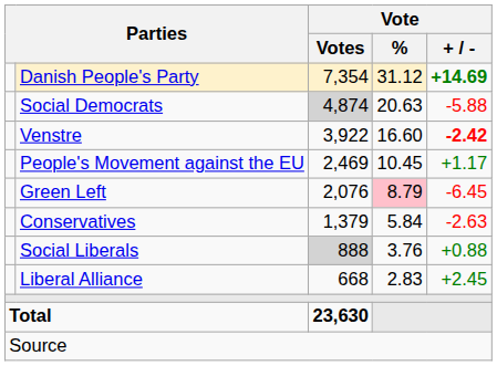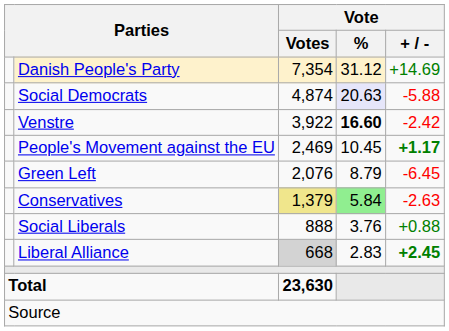 <table class="wikitable" style="text-align:right;">
 <tr>
 <th style="text-align:centre;" rowspan="2" colspan="2" width="225">Parties</th>
 <th colspan="3">Vote</th>
 </tr>
 <tr>
 <th width="15">Votes</th>
 <th width="15">%</th>
 <th width="15">+ / -</th>
 </tr>
 <tr>
 <td width="2" style="color:inherit;background:"></td>
 <td bgcolor=#fef2cc   align="left"><a href='#'>Danish People's Party</a></td>
 <td bgcolor=#fef2cc>7,354</td>
 <td bgcolor=#fef2cc>31.12</td>
-<td style=color:green;><strong>+14.69</strong></td>
+<td style=color:green;>+14.69</td>
 </tr>
 <tr>
 <td width="2" style="color:inherit;background:"></td>
 <td align="left"><a href='#'>Social Democrats</a></td>
-<td style="background: lightgrey;">4,874</td>
-<td>20.63</td>
+<td>4,874</td>
+<td style="background: lavender;">20.63</td>
 <td style=color:red;>-5.88</td>
 </tr>
 <tr>
 <td width="2" style="color:inherit;background:"></td>
 <td align="left"><a href='#'>Venstre</a></td>
 <td>3,922</td>
-<td>16.60</td>
-<td style=color:red;><strong>-2.42</strong></td>
+<td><strong>16.60</strong></td>
+<td style=color:red;>-2.42</td>
 </tr>
 <tr>
 <td width="2" style="color:inherit;background:"></td>
 <td align="left"><a href='#'>People's Movement against the EU</a></td>
 <td>2,469</td>
 <td>10.45</td>
-<td style=color:green;>+1.17</td>
+<td style=color:green;><strong>+1.17</strong></td>
 </tr>
 <tr>
 <td width="2" style="color:inherit;background:"></td>
 <td align="left"><a href='#'>Green Left</a></td>
 <td>2,076</td>
-<td style="background: pink;">8.79</td>
+<td>8.79</td>
 <td style=color:red;>-6.45</td>
 </tr>
 <tr>
 <td width="2" style="color:inherit;background:"></td>
 <td align="left"><a href='#'>Conservatives</a></td>
-<td>1,379</td>
-<td>5.84</td>
+<td style="background: khaki;">1,379</td>
+<td style="background: lightgreen;">5.84</td>
 <td style=color:red;>-2.63</td>
 </tr>
 <tr>
 <td width="2" style="color:inherit;background:"></td>
 <td align="left"><a href='#'>Social Liberals</a></td>
-<td style="background: lightgrey;">888</td>
+<td>888</td>
 <td>3.76</td>
 <td style=color:green;>+0.88</td>
 </tr>
 <tr>
 <td width="2" style="color:inherit;background:"></td>
 <td align="left"><a href='#'>Liberal Alliance</a></td>
-<td>668</td>
+<td style="background: lightgrey;">668</td>
 <td>2.83</td>
-<td style=color:green;>+2.45</td>
+<td style=color:green;><strong>+2.45</strong></td>
 </tr>
 <tr>
 <td colspan="7" bgcolor="#E9E9E9"></td>
 </tr>
 <tr>
 <td align="left" colspan="2"><strong>Total</strong></td>
 <td><strong>23,630</strong></td>
 <td bgcolor="#E9E9E9" colspan="2"></td>
 </tr>
 <tr>
 <td align="left" colspan="6">Source</td>
 </tr>
 </table>
